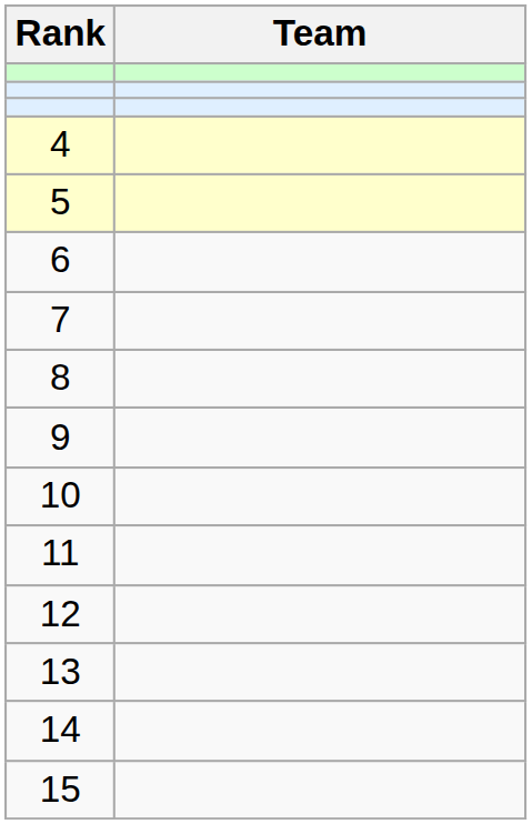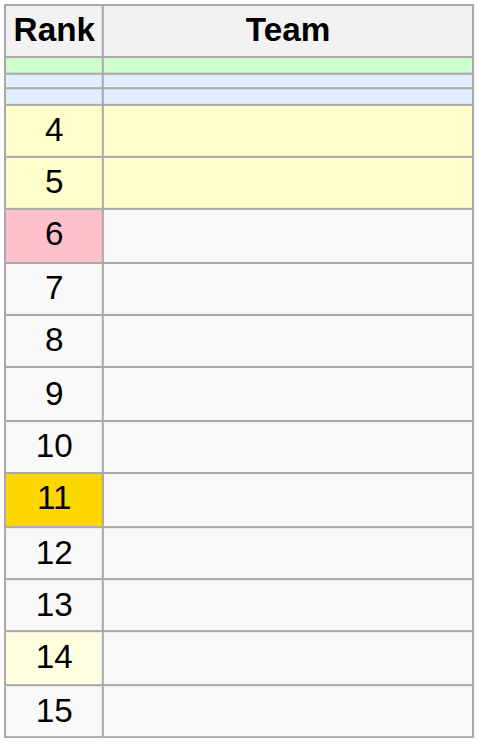 <table class="wikitable" style="text-align: center;">
 <tr>
 <th width=40>Rank</th>
 <th width=170>Team</th>
 </tr>
 <tr bgcolor=#CCFFCC>
 <td></td>
 <td align="left"></td>
 </tr>
 <tr bgcolor=#dfefff>
 <td></td>
 <td align="left"></td>
 </tr>
 <tr bgcolor=#dfefff>
 <td></td>
 <td align="left"></td>
 </tr>
 <tr bgcolor=#ffffcc>
 <td>4</td>
 <td align="left"></td>
 </tr>
 <tr bgcolor=#ffffcc>
 <td>5</td>
 <td align="left"></td>
 </tr>
 <tr>
-<td>6</td>
+<td style="background: pink;">6</td>
 <td align="left"></td>
 </tr>
 <tr>
 <td>7</td>
 <td align="left"></td>
 </tr>
 <tr>
 <td>8</td>
 <td align="left"></td>
 </tr>
 <tr>
 <td>9</td>
 <td align="left"></td>
 </tr>
 <tr>
 <td>10</td>
 <td align="left"></td>
 </tr>
 <tr>
-<td>11</td>
+<td style="background: gold;">11</td>
 <td align="left"></td>
 </tr>
 <tr>
 <td>12</td>
 <td align="left"></td>
 </tr>
 <tr>
 <td>13</td>
 <td align="left"></td>
 </tr>
 <tr>
-<td>14</td>
+<td style="background: lightyellow;">14</td>
 <td align="left"></td>
 </tr>
 <tr>
 <td>15</td>
 <td align="left"></td>
 </tr>
 </table>
